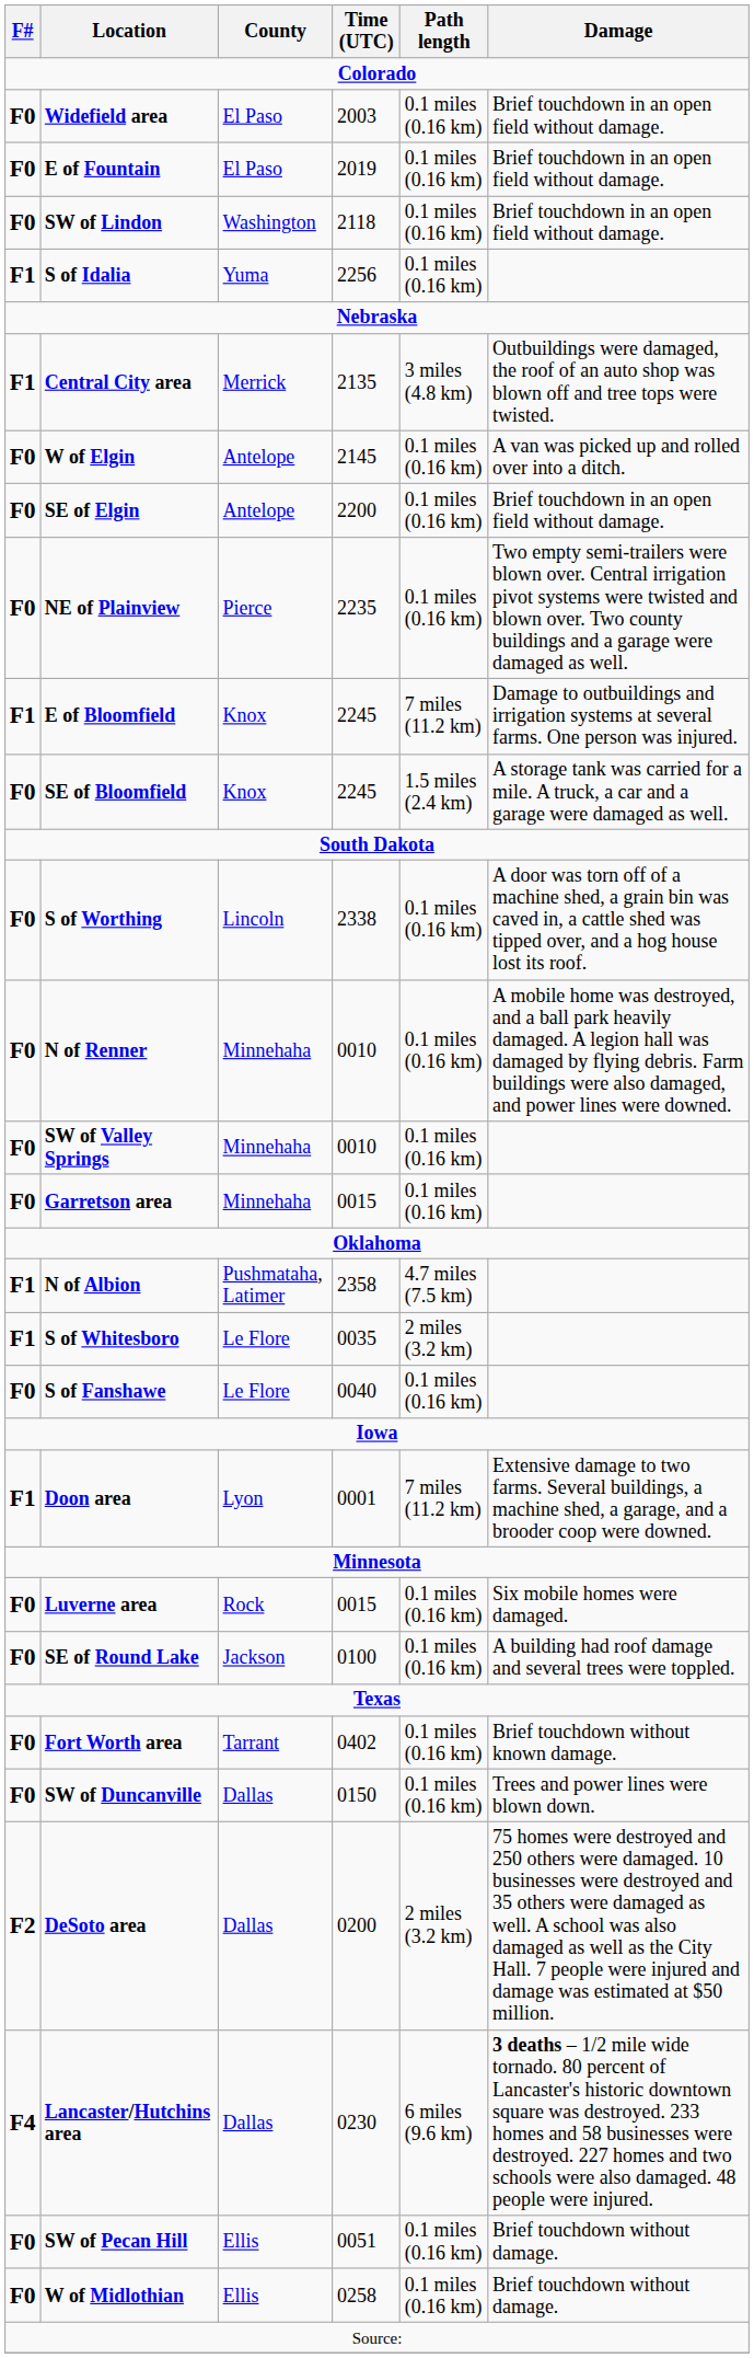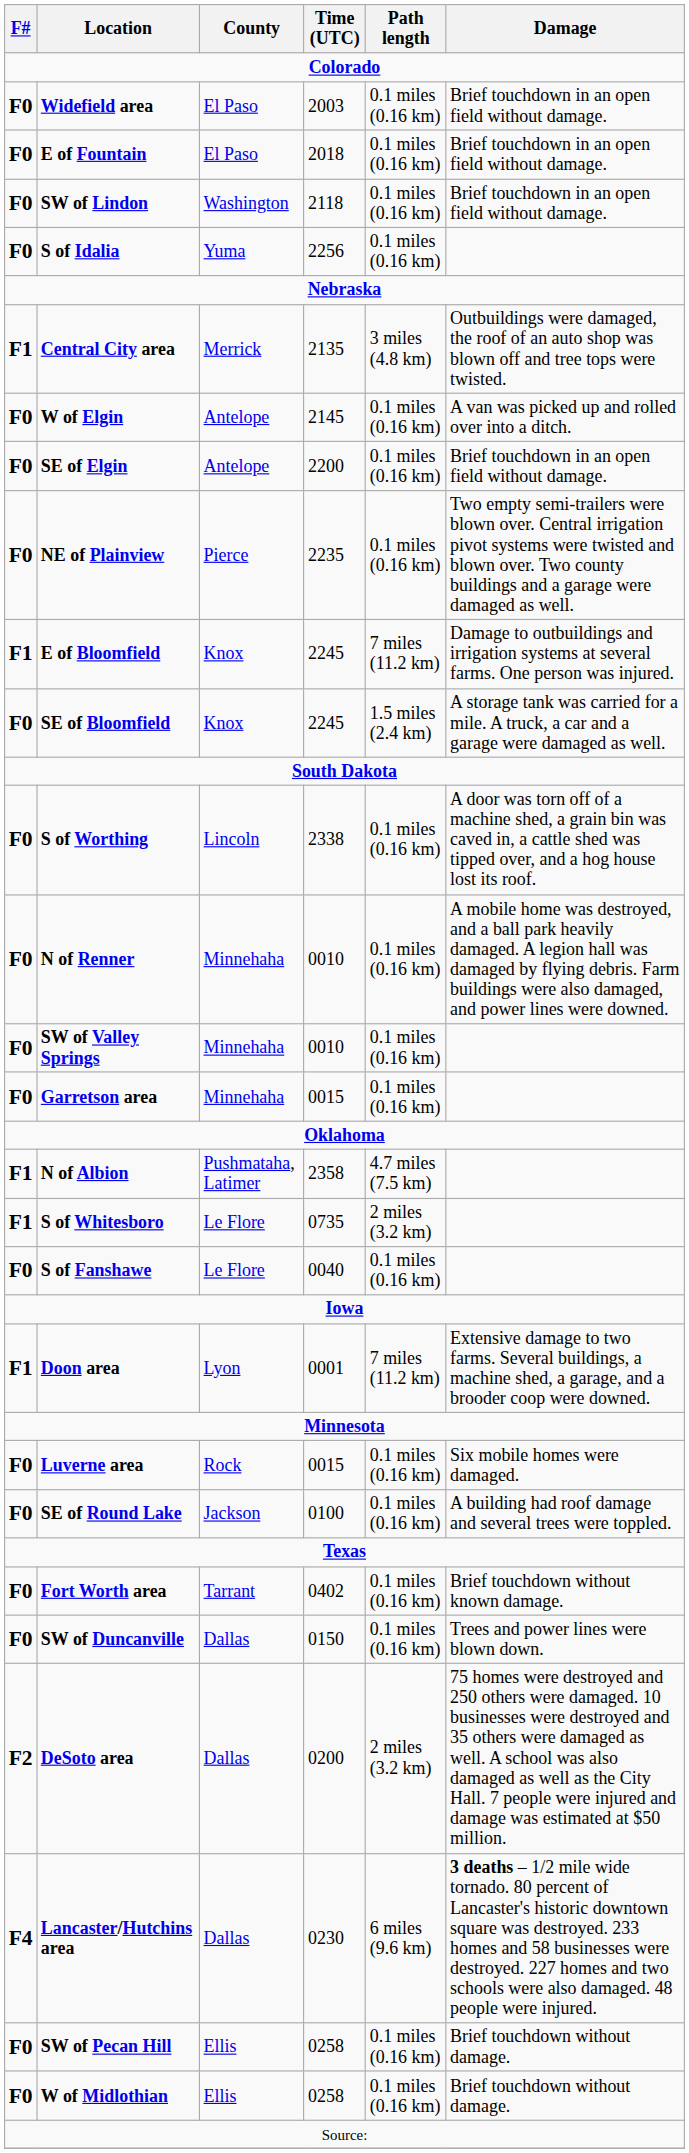 <table class="wikitable">
 <tr>
 <th><strong><a href='#'>F#</a></strong></th>
 <th><strong>Location</strong></th>
 <th><strong>County</strong></th>
 <th><strong>Time (UTC)</strong></th>
 <th><strong>Path length</strong></th>
 <th><strong>Damage</strong></th>
 </tr>
 <tr>
 <td colspan="7" align=center><strong><a href='#'>Colorado</a></strong></td>
 </tr>
 <tr>
 <td><big><strong>F0</strong></big></td>
 <td><strong><a href='#'>Widefield</a> area</strong></td>
 <td><a href='#'>El Paso</a></td>
 <td>2003</td>
 <td>0.1 miles <br>(0.16 km)</td>
 <td>Brief touchdown in an open field without damage.</td>
 </tr>
 <tr>
 <td><big><strong>F0</strong></big></td>
 <td><strong>E of <a href='#'>Fountain</a></strong></td>
 <td><a href='#'>El Paso</a></td>
-<td>2019</td>
+<td>2018</td>
 <td>0.1 miles <br>(0.16 km)</td>
 <td>Brief touchdown in an open field without damage.</td>
 </tr>
 <tr>
 <td><big><strong>F0</strong></big></td>
 <td><strong>SW of <a href='#'>Lindon</a></strong></td>
 <td><a href='#'>Washington</a></td>
 <td>2118</td>
 <td>0.1 miles <br>(0.16 km)</td>
 <td>Brief touchdown in an open field without damage.</td>
 </tr>
 <tr>
-<td><big><strong>F1</strong></big></td>
+<td><big><strong>F0</strong></big></td>
 <td><strong>S of <a href='#'>Idalia</a></strong></td>
 <td><a href='#'>Yuma</a></td>
 <td>2256</td>
 <td>0.1 miles <br>(0.16 km)</td>
 <td></td>
 </tr>
 <tr>
 <td colspan="7" align=center><strong><a href='#'>Nebraska</a></strong></td>
 </tr>
 <tr>
 <td><big><strong>F1</strong></big></td>
 <td><strong><a href='#'>Central City</a> area</strong></td>
 <td><a href='#'>Merrick</a></td>
 <td>2135</td>
 <td>3 miles <br>(4.8 km)</td>
 <td>Outbuildings were damaged, the roof of an auto shop was blown off and tree tops were twisted.</td>
 </tr>
 <tr>
 <td><big><strong>F0</strong></big></td>
 <td><strong>W of <a href='#'>Elgin</a></strong></td>
 <td><a href='#'>Antelope</a></td>
 <td>2145</td>
 <td>0.1 miles <br>(0.16 km)</td>
 <td>A van was picked up and rolled over into a ditch.</td>
 </tr>
 <tr>
 <td><big><strong>F0</strong></big></td>
 <td><strong>SE of <a href='#'>Elgin</a></strong></td>
 <td><a href='#'>Antelope</a></td>
 <td>2200</td>
 <td>0.1 miles <br>(0.16 km)</td>
 <td>Brief touchdown in an open field without damage.</td>
 </tr>
 <tr>
 <td><big><strong>F0</strong></big></td>
 <td><strong>NE of <a href='#'>Plainview</a></strong></td>
 <td><a href='#'>Pierce</a></td>
 <td>2235</td>
 <td>0.1 miles <br>(0.16 km)</td>
 <td>Two empty semi-trailers were blown over. Central irrigation pivot systems were twisted and blown over. Two county buildings and a garage were damaged as well.</td>
 </tr>
 <tr>
 <td><big><strong>F1</strong></big></td>
 <td><strong>E of <a href='#'>Bloomfield</a></strong></td>
 <td><a href='#'>Knox</a></td>
 <td>2245</td>
 <td>7 miles <br>(11.2 km)</td>
 <td>Damage to outbuildings and irrigation systems at several farms. One person was injured.</td>
 </tr>
 <tr>
 <td><big><strong>F0</strong></big></td>
 <td><strong>SE of <a href='#'>Bloomfield</a></strong></td>
 <td><a href='#'>Knox</a></td>
 <td>2245</td>
 <td>1.5 miles <br>(2.4 km)</td>
 <td>A storage tank was carried for a mile. A truck, a car and a garage were damaged as well.</td>
 </tr>
 <tr>
 <td colspan="7" align=center><strong><a href='#'>South Dakota</a></strong></td>
 </tr>
 <tr>
 <td><big><strong>F0</strong></big></td>
 <td><strong>S of <a href='#'>Worthing</a></strong></td>
 <td><a href='#'>Lincoln</a></td>
 <td>2338</td>
 <td>0.1 miles <br>(0.16 km)</td>
 <td>A door was torn off of a machine shed, a grain bin was caved in, a cattle shed was tipped over, and a hog house lost its roof.</td>
 </tr>
 <tr>
 <td><big><strong>F0</strong></big></td>
 <td><strong>N of <a href='#'>Renner</a></strong></td>
 <td><a href='#'>Minnehaha</a></td>
 <td>0010</td>
 <td>0.1 miles <br>(0.16 km)</td>
 <td>A mobile home was destroyed, and a ball park heavily damaged. A legion hall was damaged by flying debris. Farm buildings were also damaged, and power lines were downed.</td>
 </tr>
 <tr>
 <td><big><strong>F0</strong></big></td>
 <td><strong>SW of <a href='#'>Valley Springs</a></strong></td>
 <td><a href='#'>Minnehaha</a></td>
 <td>0010</td>
 <td>0.1 miles <br>(0.16 km)</td>
 <td></td>
 </tr>
 <tr>
 <td><big><strong>F0</strong></big></td>
 <td><strong><a href='#'>Garretson</a> area</strong></td>
 <td><a href='#'>Minnehaha</a></td>
 <td>0015</td>
 <td>0.1 miles <br>(0.16 km)</td>
 <td></td>
 </tr>
 <tr>
 <td colspan="7" align=center><strong><a href='#'>Oklahoma</a></strong></td>
 </tr>
 <tr>
 <td><big><strong>F1</strong></big></td>
 <td><strong>N of <a href='#'>Albion</a></strong></td>
 <td><a href='#'>Pushmataha</a>, <a href='#'>Latimer</a></td>
 <td>2358</td>
 <td>4.7 miles <br>(7.5 km)</td>
 <td></td>
 </tr>
 <tr>
 <td><big><strong>F1</strong></big></td>
 <td><strong>S of <a href='#'>Whitesboro</a></strong></td>
 <td><a href='#'>Le Flore</a></td>
-<td>0035</td>
+<td>0735</td>
 <td>2 miles <br>(3.2 km)</td>
 <td></td>
 </tr>
 <tr>
 <td><big><strong>F0</strong></big></td>
 <td><strong>S of <a href='#'>Fanshawe</a></strong></td>
 <td><a href='#'>Le Flore</a></td>
 <td>0040</td>
 <td>0.1 miles <br>(0.16 km)</td>
 <td></td>
 </tr>
 <tr>
 <td colspan="7" align=center><strong><a href='#'>Iowa</a></strong></td>
 </tr>
 <tr>
 <td><big><strong>F1</strong></big></td>
 <td><strong><a href='#'>Doon</a> area</strong></td>
 <td><a href='#'>Lyon</a></td>
 <td>0001</td>
 <td>7 miles <br>(11.2 km)</td>
 <td>Extensive damage to two farms. Several buildings, a machine shed, a garage, and a brooder coop were downed.</td>
 </tr>
 <tr>
 <td colspan="7" align=center><strong><a href='#'>Minnesota</a></strong></td>
 </tr>
 <tr>
 <td><big><strong>F0</strong></big></td>
 <td><strong><a href='#'>Luverne</a> area</strong></td>
 <td><a href='#'>Rock</a></td>
 <td>0015</td>
 <td>0.1 miles <br>(0.16 km)</td>
 <td>Six mobile homes were damaged.</td>
 </tr>
 <tr>
 <td><big><strong>F0</strong></big></td>
 <td><strong>SE of <a href='#'>Round Lake</a></strong></td>
 <td><a href='#'>Jackson</a></td>
 <td>0100</td>
 <td>0.1 miles <br>(0.16 km)</td>
 <td>A building had roof damage and several trees were toppled.</td>
 </tr>
 <tr>
 <td colspan="7" align=center><strong><a href='#'>Texas</a></strong></td>
 </tr>
 <tr>
 <td><big><strong>F0</strong></big></td>
 <td><strong><a href='#'>Fort Worth</a> area</strong></td>
 <td><a href='#'>Tarrant</a></td>
 <td>0402</td>
 <td>0.1 miles <br>(0.16 km)</td>
 <td>Brief touchdown without known damage.</td>
 </tr>
 <tr>
 <td><big><strong>F0</strong></big></td>
 <td><strong>SW of <a href='#'>Duncanville</a></strong></td>
 <td><a href='#'>Dallas</a></td>
 <td>0150</td>
 <td>0.1 miles <br>(0.16 km)</td>
 <td>Trees and power lines were blown down.</td>
 </tr>
 <tr>
 <td><big><strong>F2</strong></big></td>
 <td><strong><a href='#'>DeSoto</a> area</strong></td>
 <td><a href='#'>Dallas</a></td>
 <td>0200</td>
 <td>2 miles <br>(3.2 km)</td>
 <td>75 homes were destroyed and 250 others were damaged. 10 businesses were destroyed and 35 others were damaged as well. A school was also damaged as well as the City Hall. 7 people were injured and damage was estimated at $50 million.</td>
 </tr>
 <tr>
 <td><big><strong>F4</strong></big></td>
 <td><strong><a href='#'>Lancaster</a>/<a href='#'>Hutchins</a> area</strong></td>
 <td><a href='#'>Dallas</a></td>
 <td>0230</td>
 <td>6 miles <br>(9.6 km)</td>
 <td><strong>3 deaths</strong> – 1/2 mile wide tornado. 80 percent of Lancaster's historic downtown square was destroyed. 233 homes and 58 businesses were destroyed. 227 homes and two schools were also damaged. 48 people were injured.</td>
 </tr>
 <tr>
 <td><big><strong>F0</strong></big></td>
 <td><strong>SW of <a href='#'>Pecan Hill</a></strong></td>
 <td><a href='#'>Ellis</a></td>
-<td>0051</td>
+<td>0258</td>
 <td>0.1 miles <br>(0.16 km)</td>
 <td>Brief touchdown without damage.</td>
 </tr>
 <tr>
 <td><big><strong>F0</strong></big></td>
 <td><strong>W of <a href='#'>Midlothian</a></strong></td>
 <td><a href='#'>Ellis</a></td>
 <td>0258</td>
 <td>0.1 miles <br>(0.16 km)</td>
 <td>Brief touchdown without damage.</td>
 </tr>
 <tr>
 <td colspan="7" align=center><small>Source: </small></td>
 </tr>
 <tr>
 </tr>
 </table>
